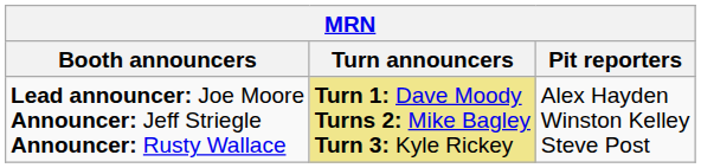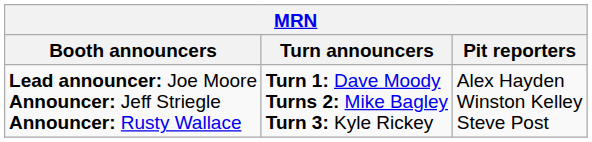 <table class="wikitable" style="font-size: 95%;">
 <tr>
 <th colspan="3"><a href='#'>MRN</a></th>
 </tr>
 <tr>
 <th>Booth announcers</th>
 <th>Turn announcers</th>
 <th>Pit reporters</th>
 </tr>
 <tr>
 <td><strong>Lead announcer:</strong> Joe Moore<br><strong>Announcer:</strong> Jeff Striegle<br><strong>Announcer:</strong> <a href='#'>Rusty Wallace</a></td>
-<td style="background: khaki;"><strong>Turn 1:</strong> <a href='#'>Dave Moody</a> <br><strong>Turns 2:</strong> <a href='#'>Mike Bagley</a><br><strong>Turn 3:</strong> Kyle Rickey</td>
+<td><strong>Turn 1:</strong> <a href='#'>Dave Moody</a> <br><strong>Turns 2:</strong> <a href='#'>Mike Bagley</a><br><strong>Turn 3:</strong> Kyle Rickey</td>
 <td>Alex Hayden<br>Winston Kelley<br>Steve Post</td>
 </tr>
 </table>
